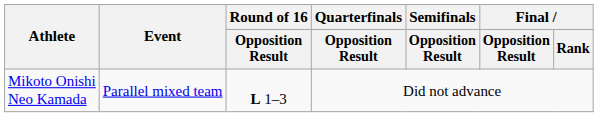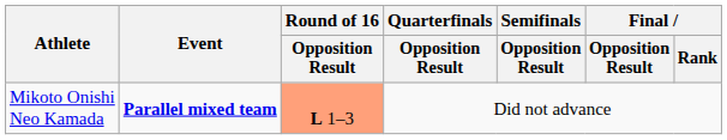 <table class="wikitable" style="font-size:90%">
 <tr>
 <th rowspan="2">Athlete</th>
 <th rowspan="2">Event</th>
 <th>Round of 16</th>
 <th>Quarterfinals</th>
 <th>Semifinals</th>
 <th colspan=2>Final / </th>
 </tr>
 <tr style="font-size:95%">
 <th>Opposition<br>Result</th>
 <th>Opposition<br>Result</th>
 <th>Opposition<br>Result</th>
 <th>Opposition<br>Result</th>
 <th>Rank</th>
 </tr>
 <tr align=center>
 <td align=left><a href='#'>Mikoto Onishi</a><br><a href='#'>Neo Kamada</a></td>
-<td align=left><a href='#'>Parallel mixed team</a></td>
-<td><br><strong>L</strong> 1–3</td>
+<td align=left><strong><a href='#'>Parallel mixed team</a></strong></td>
+<td style="background: lightsalmon;"><br><strong>L</strong> 1–3</td>
 <td colspan=4>Did not advance</td>
 </tr>
 </table>
